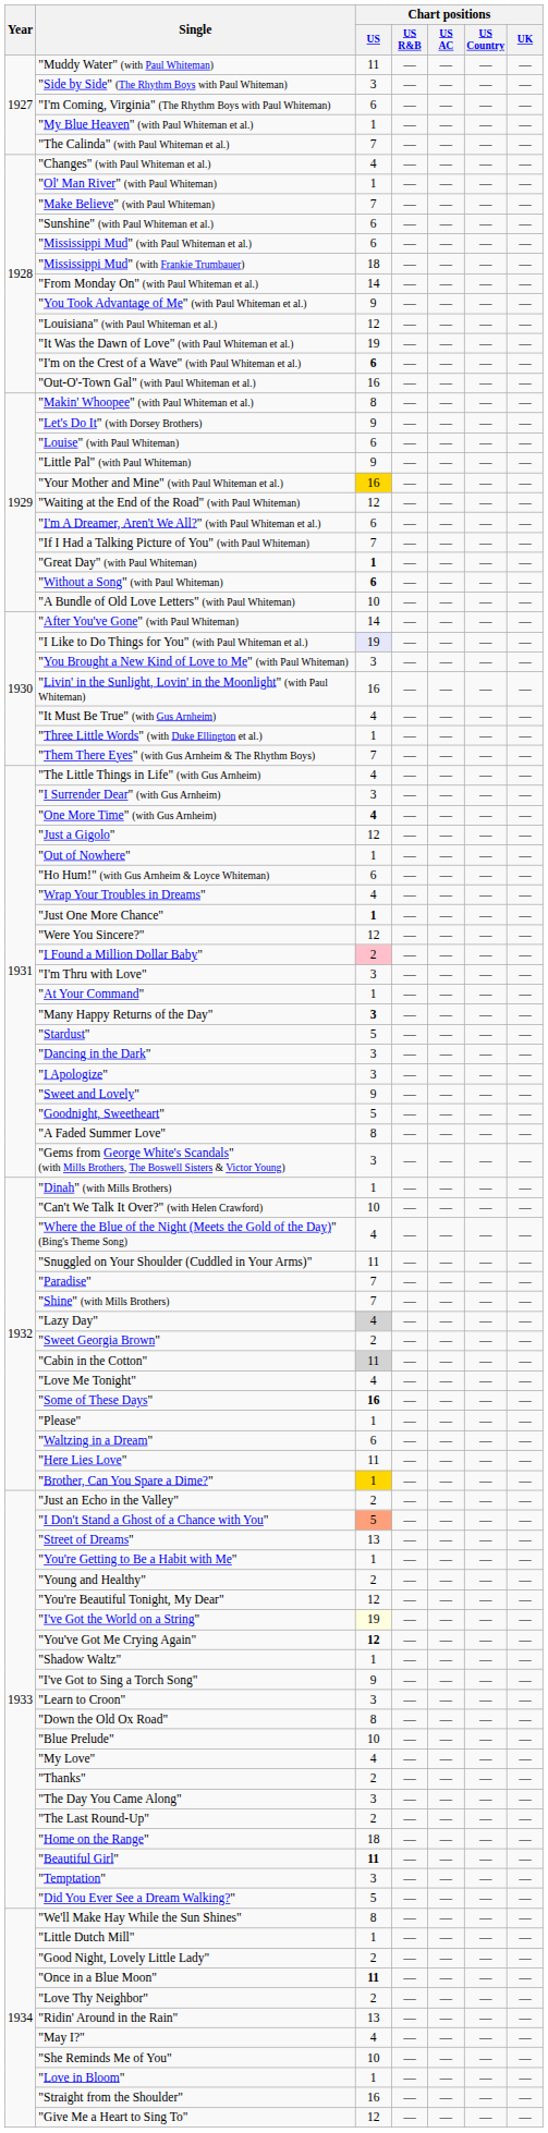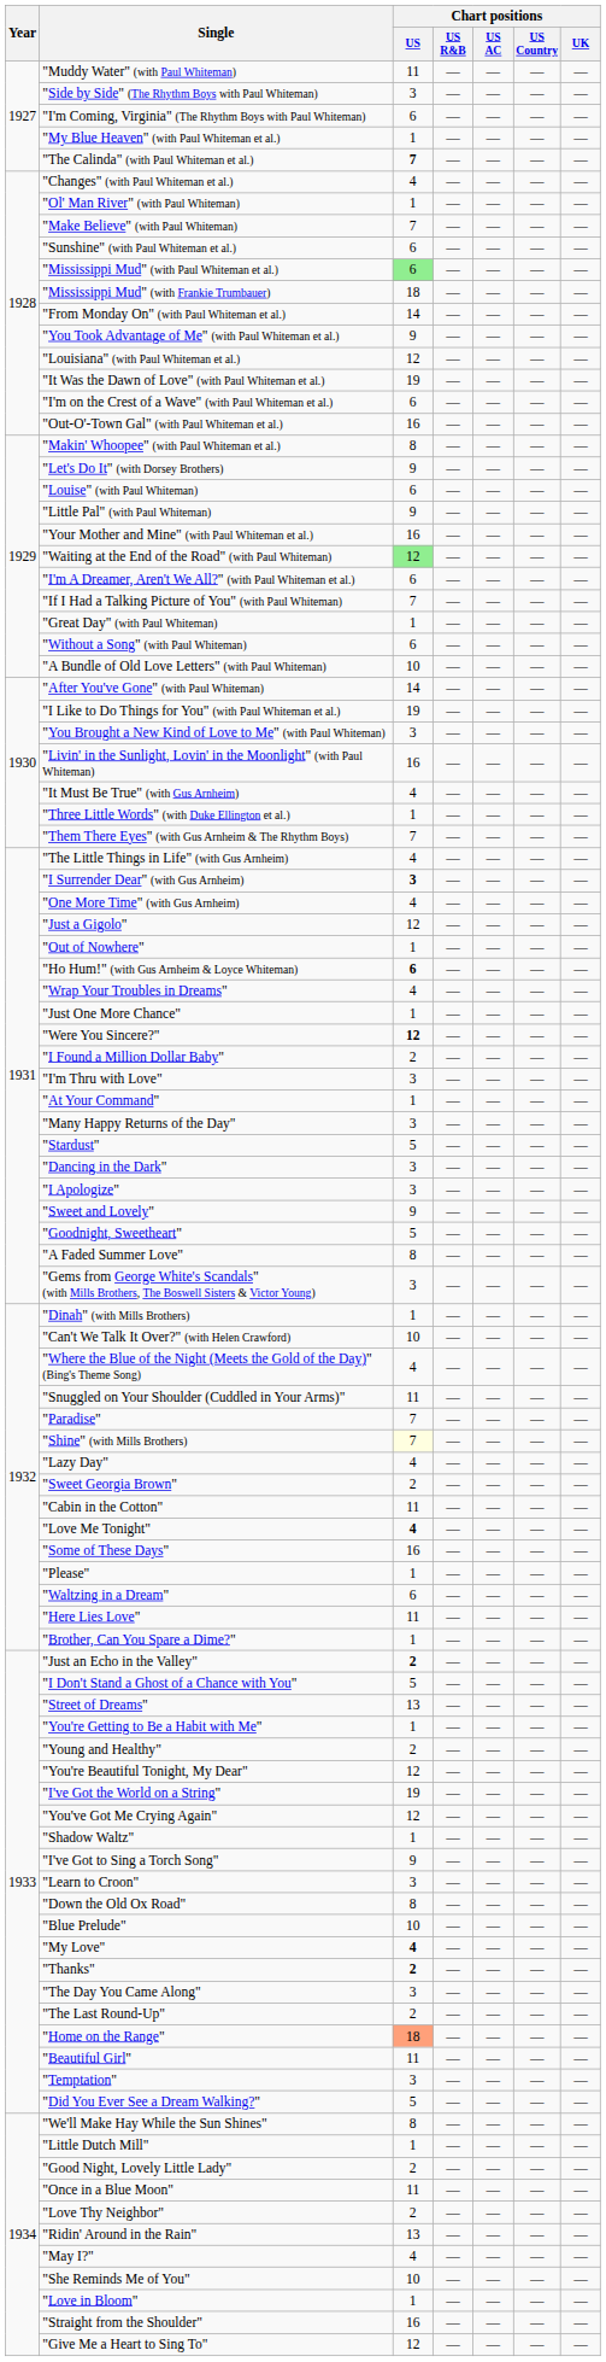 <table class="wikitable" style="text-align:center;">
 <tr>
 <th rowspan="2">Year</th>
 <th style="width:400px;" rowspan="2">Single</th>
 <th colspan="5">Chart positions</th>
 </tr>
 <tr style="font-size:smaller;">
 <th style="width:40px;"><a href='#'>US</a></th>
 <th style="width:40px;"><a href='#'>US<br>R&B</a></th>
 <th style="width:40px;"><a href='#'>US<br>AC</a></th>
 <th style="width:40px;"><a href='#'>US Country</a></th>
 <th style="width:40px;"><a href='#'>UK</a></th>
 </tr>
 <tr>
 <td rowspan="5">1927</td>
 <td style="text-align:left;">"Muddy Water" <small>(with <a href='#'>Paul Whiteman</a>)</small></td>
 <td>11</td>
 <td>—</td>
 <td>—</td>
 <td>—</td>
 <td>—</td>
 </tr>
 <tr>
 <td style="text-align:left;">"<a href='#'>Side by Side</a>" <small>(<a href='#'>The Rhythm Boys</a> with Paul Whiteman)</small></td>
 <td>3</td>
 <td>—</td>
 <td>—</td>
 <td>—</td>
 <td>—</td>
 </tr>
 <tr>
 <td style="text-align:left;">"I'm Coming, Virginia" <small>(The Rhythm Boys with Paul Whiteman)</small></td>
 <td>6</td>
 <td>—</td>
 <td>—</td>
 <td>—</td>
 <td>—</td>
 </tr>
 <tr>
 <td style="text-align:left;">"<a href='#'>My Blue Heaven</a>" <small>(with Paul Whiteman et al.)</small></td>
 <td>1</td>
 <td>—</td>
 <td>—</td>
 <td>—</td>
 <td>—</td>
 </tr>
 <tr>
 <td style="text-align:left;">"The Calinda" <small>(with Paul Whiteman et al.)</small></td>
-<td>7</td>
+<td><strong>7</strong></td>
 <td>—</td>
 <td>—</td>
 <td>—</td>
 <td>—</td>
 </tr>
 <tr>
 <td rowspan="12">1928</td>
 <td style="text-align:left;">"Changes" <small>(with Paul Whiteman et al.)</small></td>
 <td>4</td>
 <td>—</td>
 <td>—</td>
 <td>—</td>
 <td>—</td>
 </tr>
 <tr>
 <td style="text-align:left;">"<a href='#'>Ol' Man River</a>" <small>(with Paul Whiteman)</small></td>
 <td>1</td>
 <td>—</td>
 <td>—</td>
 <td>—</td>
 <td>—</td>
 </tr>
 <tr>
 <td style="text-align:left;">"<a href='#'>Make Believe</a>" <small>(with Paul Whiteman)</small></td>
 <td>7</td>
 <td>—</td>
 <td>—</td>
 <td>—</td>
 <td>—</td>
 </tr>
 <tr>
 <td style="text-align:left;">"Sunshine" <small>(with Paul Whiteman et al.)</small></td>
 <td>6</td>
 <td>—</td>
 <td>—</td>
 <td>—</td>
 <td>—</td>
 </tr>
 <tr>
 <td style="text-align:left;">"<a href='#'>Mississippi Mud</a>" <small>(with Paul Whiteman et al.)</small></td>
-<td>6</td>
+<td style="background: lightgreen;">6</td>
 <td>—</td>
 <td>—</td>
 <td>—</td>
 <td>—</td>
 </tr>
 <tr>
 <td style="text-align:left;">"<a href='#'>Mississippi Mud</a>" <small>(with <a href='#'>Frankie Trumbauer</a>)</small></td>
 <td>18</td>
 <td>—</td>
 <td>—</td>
 <td>—</td>
 <td>—</td>
 </tr>
 <tr>
 <td style="text-align:left;">"From Monday On" <small>(with Paul Whiteman et al.)</small></td>
 <td>14</td>
 <td>—</td>
 <td>—</td>
 <td>—</td>
 <td>—</td>
 </tr>
 <tr>
 <td style="text-align:left;">"<a href='#'>You Took Advantage of Me</a>" <small>(with Paul Whiteman et al.)</small></td>
 <td>9</td>
 <td>—</td>
 <td>—</td>
 <td>—</td>
 <td>—</td>
 </tr>
 <tr>
 <td style="text-align:left;">"Louisiana" <small>(with Paul Whiteman et al.)</small></td>
 <td>12</td>
 <td>—</td>
 <td>—</td>
 <td>—</td>
 <td>—</td>
 </tr>
 <tr>
 <td style="text-align:left;">"It Was the Dawn of Love" <small>(with Paul Whiteman et al.)</small></td>
 <td>19</td>
 <td>—</td>
 <td>—</td>
 <td>—</td>
 <td>—</td>
 </tr>
 <tr>
 <td style="text-align:left;">"I'm on the Crest of a Wave" <small>(with Paul Whiteman et al.)</small></td>
-<td><strong>6</strong></td>
+<td>6</td>
 <td>—</td>
 <td>—</td>
 <td>—</td>
 <td>—</td>
 </tr>
 <tr>
 <td style="text-align:left;">"Out-O'-Town Gal" <small>(with Paul Whiteman et al.)</small></td>
 <td>16</td>
 <td>—</td>
 <td>—</td>
 <td>—</td>
 <td>—</td>
 </tr>
 <tr>
 <td rowspan="11">1929</td>
 <td style="text-align:left;">"<a href='#'>Makin' Whoopee</a>" <small>(with Paul Whiteman et al.)</small></td>
 <td>8</td>
 <td>—</td>
 <td>—</td>
 <td>—</td>
 <td>—</td>
 </tr>
 <tr>
 <td style="text-align:left;">"<a href='#'>Let's Do It</a>" <small>(with Dorsey Brothers)</small></td>
 <td>9</td>
 <td>—</td>
 <td>—</td>
 <td>—</td>
 <td>—</td>
 </tr>
 <tr>
 <td style="text-align:left;">"<a href='#'>Louise</a>" <small>(with Paul Whiteman)</small></td>
 <td>6</td>
 <td>—</td>
 <td>—</td>
 <td>—</td>
 <td>—</td>
 </tr>
 <tr>
 <td style="text-align:left;">"Little Pal" <small>(with Paul Whiteman)</small></td>
 <td>9</td>
 <td>—</td>
 <td>—</td>
 <td>—</td>
 <td>—</td>
 </tr>
 <tr>
 <td style="text-align:left;">"Your Mother and Mine" <small>(with Paul Whiteman et al.)</small></td>
-<td style="background: gold;">16</td>
+<td>16</td>
 <td>—</td>
 <td>—</td>
 <td>—</td>
 <td>—</td>
 </tr>
 <tr>
 <td style="text-align:left;">"Waiting at the End of the Road" <small>(with Paul Whiteman)</small></td>
-<td>12</td>
+<td style="background: lightgreen;">12</td>
 <td>—</td>
 <td>—</td>
 <td>—</td>
 <td>—</td>
 </tr>
 <tr>
 <td style="text-align:left;">"<a href='#'>I'm A Dreamer, Aren't We All?</a>" <small>(with Paul Whiteman et al.)</small></td>
 <td>6</td>
 <td>—</td>
 <td>—</td>
 <td>—</td>
 <td>—</td>
 </tr>
 <tr>
 <td style="text-align:left;">"If I Had a Talking Picture of You" <small>(with Paul Whiteman)</small></td>
 <td>7</td>
 <td>—</td>
 <td>—</td>
 <td>—</td>
 <td>—</td>
 </tr>
 <tr>
 <td style="text-align:left;">"Great Day" <small>(with Paul Whiteman)</small></td>
-<td><strong>1</strong></td>
+<td>1</td>
 <td>—</td>
 <td>—</td>
 <td>—</td>
 <td>—</td>
 </tr>
 <tr>
 <td style="text-align:left;">"<a href='#'>Without a Song</a>" <small>(with Paul Whiteman)</small></td>
-<td><strong>6</strong></td>
+<td>6</td>
 <td>—</td>
 <td>—</td>
 <td>—</td>
 <td>—</td>
 </tr>
 <tr>
 <td style="text-align:left;">"A Bundle of Old Love Letters" <small>(with Paul Whiteman)</small></td>
 <td>10</td>
 <td>—</td>
 <td>—</td>
 <td>—</td>
 <td>—</td>
 </tr>
 <tr>
 <td rowspan="7">1930</td>
 <td style="text-align:left;">"<a href='#'>After You've Gone</a>" <small>(with Paul Whiteman)</small></td>
 <td>14</td>
 <td>—</td>
 <td>—</td>
 <td>—</td>
 <td>—</td>
 </tr>
 <tr>
 <td style="text-align:left;">"I Like to Do Things for You" <small>(with Paul Whiteman et al.)</small></td>
-<td style="background: lavender;">19</td>
+<td>19</td>
 <td>—</td>
 <td>—</td>
 <td>—</td>
 <td>—</td>
 </tr>
 <tr>
 <td style="text-align:left;">"<a href='#'>You Brought a New Kind of Love to Me</a>" <small>(with Paul Whiteman)</small></td>
 <td>3</td>
 <td>—</td>
 <td>—</td>
 <td>—</td>
 <td>—</td>
 </tr>
 <tr>
 <td style="text-align:left;">"<a href='#'>Livin' in the Sunlight, Lovin' in the Moonlight</a>" <small>(with Paul Whiteman)</small></td>
 <td>16</td>
 <td>—</td>
 <td>—</td>
 <td>—</td>
 <td>—</td>
 </tr>
 <tr>
 <td style="text-align:left;">"It Must Be True" <small>(with <a href='#'>Gus Arnheim</a>)</small></td>
 <td>4</td>
 <td>—</td>
 <td>—</td>
 <td>—</td>
 <td>—</td>
 </tr>
 <tr>
 <td style="text-align:left;">"<a href='#'>Three Little Words</a>" <small>(with <a href='#'>Duke Ellington</a> et al.)</small></td>
 <td>1</td>
 <td>—</td>
 <td>—</td>
 <td>—</td>
 <td>—</td>
 </tr>
 <tr>
 <td style="text-align:left;">"<a href='#'>Them There Eyes</a>" <small>(with Gus Arnheim & The Rhythm Boys)</small></td>
 <td>7</td>
 <td>—</td>
 <td>—</td>
 <td>—</td>
 <td>—</td>
 </tr>
 <tr>
 <td rowspan="20">1931</td>
 <td style="text-align:left;">"The Little Things in Life" <small>(with Gus Arnheim)</small></td>
 <td>4</td>
 <td>—</td>
 <td>—</td>
 <td>—</td>
 <td>—</td>
 </tr>
 <tr>
 <td style="text-align:left;">"<a href='#'>I Surrender Dear</a>" <small>(with Gus Arnheim)</small></td>
-<td>3</td>
+<td><strong>3</strong></td>
 <td>—</td>
 <td>—</td>
 <td>—</td>
 <td>—</td>
 </tr>
 <tr>
 <td style="text-align:left;">"<a href='#'>One More Time</a>" <small>(with Gus Arnheim)</small></td>
-<td><strong>4</strong></td>
+<td>4</td>
 <td>—</td>
 <td>—</td>
 <td>—</td>
 <td>—</td>
 </tr>
 <tr>
 <td style="text-align:left;">"<a href='#'>Just a Gigolo</a>"</td>
 <td>12</td>
 <td>—</td>
 <td>—</td>
 <td>—</td>
 <td>—</td>
 </tr>
 <tr>
 <td style="text-align:left;">"<a href='#'>Out of Nowhere</a>"</td>
 <td>1</td>
 <td>—</td>
 <td>—</td>
 <td>—</td>
 <td>—</td>
 </tr>
 <tr>
 <td style="text-align:left;">"Ho Hum!" <small>(with Gus Arnheim & Loyce Whiteman)</small></td>
-<td>6</td>
+<td><strong>6</strong></td>
 <td>—</td>
 <td>—</td>
 <td>—</td>
 <td>—</td>
 </tr>
 <tr>
 <td style="text-align:left;">"<a href='#'>Wrap Your Troubles in Dreams</a>"</td>
 <td>4</td>
 <td>—</td>
 <td>—</td>
 <td>—</td>
 <td>—</td>
 </tr>
 <tr>
 <td style="text-align:left;">"Just One More Chance"</td>
-<td><strong>1</strong></td>
+<td>1</td>
 <td>—</td>
 <td>—</td>
 <td>—</td>
 <td>—</td>
 </tr>
 <tr>
 <td style="text-align:left;">"Were You Sincere?"</td>
-<td>12</td>
+<td><strong>12</strong></td>
 <td>—</td>
 <td>—</td>
 <td>—</td>
 <td>—</td>
 </tr>
 <tr>
 <td style="text-align:left;">"<a href='#'>I Found a Million Dollar Baby</a>"</td>
-<td style="background: pink;">2</td>
+<td>2</td>
 <td>—</td>
 <td>—</td>
 <td>—</td>
 <td>—</td>
 </tr>
 <tr>
 <td style="text-align:left;">"I'm Thru with Love"</td>
 <td>3</td>
 <td>—</td>
 <td>—</td>
 <td>—</td>
 <td>—</td>
 </tr>
 <tr>
 <td style="text-align:left;">"<a href='#'>At Your Command</a>"</td>
 <td>1</td>
 <td>—</td>
 <td>—</td>
 <td>—</td>
 <td>—</td>
 </tr>
 <tr>
 <td style="text-align:left;">"Many Happy Returns of the Day"</td>
-<td><strong>3</strong></td>
+<td>3</td>
 <td>—</td>
 <td>—</td>
 <td>—</td>
 <td>—</td>
 </tr>
 <tr>
 <td style="text-align:left;">"<a href='#'>Stardust</a>"</td>
 <td>5</td>
 <td>—</td>
 <td>—</td>
 <td>—</td>
 <td>—</td>
 </tr>
 <tr>
 <td style="text-align:left;">"<a href='#'>Dancing in the Dark</a>"</td>
 <td>3</td>
 <td>—</td>
 <td>—</td>
 <td>—</td>
 <td>—</td>
 </tr>
 <tr>
 <td style="text-align:left;">"<a href='#'>I Apologize</a>"</td>
 <td>3</td>
 <td>—</td>
 <td>—</td>
 <td>—</td>
 <td>—</td>
 </tr>
 <tr>
 <td style="text-align:left;">"<a href='#'>Sweet and Lovely</a>"</td>
 <td>9</td>
 <td>—</td>
 <td>—</td>
 <td>—</td>
 <td>—</td>
 </tr>
 <tr>
 <td style="text-align:left;">"<a href='#'>Goodnight, Sweetheart</a>"</td>
 <td>5</td>
 <td>—</td>
 <td>—</td>
 <td>—</td>
 <td>—</td>
 </tr>
 <tr>
 <td style="text-align:left;">"A Faded Summer Love"</td>
 <td>8</td>
 <td>—</td>
 <td>—</td>
 <td>—</td>
 <td>—</td>
 </tr>
 <tr>
 <td style="text-align:left;">"Gems from <a href='#'>George White's Scandals</a>" <br><small>(with <a href='#'>Mills Brothers</a>, <a href='#'>The Boswell Sisters</a> & <a href='#'>Victor Young</a>)</small></td>
 <td>3</td>
 <td>—</td>
 <td>—</td>
 <td>—</td>
 <td>—</td>
 </tr>
 <tr>
 <td rowspan="15">1932</td>
 <td style="text-align:left;">"<a href='#'>Dinah</a>" <small>(with Mills Brothers)</small></td>
 <td>1</td>
 <td>—</td>
 <td>—</td>
 <td>—</td>
 <td>—</td>
 </tr>
 <tr>
 <td style="text-align:left;">"Can't We Talk It Over?" <small>(with Helen Crawford)</small></td>
 <td>10</td>
 <td>—</td>
 <td>—</td>
 <td>—</td>
 <td>—</td>
 </tr>
 <tr>
 <td style="text-align:left;">"<a href='#'>Where the Blue of the Night (Meets the Gold of the Day)</a>" <br><small>(Bing's Theme Song)</small></td>
 <td>4</td>
 <td>—</td>
 <td>—</td>
 <td>—</td>
 <td>—</td>
 </tr>
 <tr>
 <td style="text-align:left;">"Snuggled on Your Shoulder (Cuddled in Your Arms)"</td>
 <td>11</td>
 <td>—</td>
 <td>—</td>
 <td>—</td>
 <td>—</td>
 </tr>
 <tr>
 <td style="text-align:left;">"<a href='#'>Paradise</a>"</td>
 <td>7</td>
 <td>—</td>
 <td>—</td>
 <td>—</td>
 <td>—</td>
 </tr>
 <tr>
 <td style="text-align:left;">"<a href='#'>Shine</a>" <small>(with Mills Brothers)</small></td>
-<td>7</td>
+<td style="background: lightyellow;">7</td>
 <td>—</td>
 <td>—</td>
 <td>—</td>
 <td>—</td>
 </tr>
 <tr>
 <td style="text-align:left;">"Lazy Day"</td>
-<td style="background: lightgrey;">4</td>
+<td>4</td>
 <td>—</td>
 <td>—</td>
 <td>—</td>
 <td>—</td>
 </tr>
 <tr>
 <td style="text-align:left;">"<a href='#'>Sweet Georgia Brown</a>"</td>
 <td>2</td>
 <td>—</td>
 <td>—</td>
 <td>—</td>
 <td>—</td>
 </tr>
 <tr>
 <td style="text-align:left;">"Cabin in the Cotton"</td>
-<td style="background: lightgrey;">11</td>
+<td>11</td>
 <td>—</td>
 <td>—</td>
 <td>—</td>
 <td>—</td>
 </tr>
 <tr>
 <td style="text-align:left;">"Love Me Tonight"</td>
-<td>4</td>
+<td><strong>4</strong></td>
 <td>—</td>
 <td>—</td>
 <td>—</td>
 <td>—</td>
 </tr>
 <tr>
 <td style="text-align:left;">"<a href='#'>Some of These Days</a>"</td>
-<td><strong>16</strong></td>
+<td>16</td>
 <td>—</td>
 <td>—</td>
 <td>—</td>
 <td>—</td>
 </tr>
 <tr>
 <td style="text-align:left;">"Please"</td>
 <td>1</td>
 <td>—</td>
 <td>—</td>
 <td>—</td>
 <td>—</td>
 </tr>
 <tr>
 <td style="text-align:left;">"<a href='#'>Waltzing in a Dream</a>"</td>
 <td>6</td>
 <td>—</td>
 <td>—</td>
 <td>—</td>
 <td>—</td>
 </tr>
 <tr>
 <td style="text-align:left;">"<a href='#'>Here Lies Love</a>"</td>
 <td>11</td>
 <td>—</td>
 <td>—</td>
 <td>—</td>
 <td>—</td>
 </tr>
 <tr>
 <td style="text-align:left;">"<a href='#'>Brother, Can You Spare a Dime?</a>"</td>
-<td style="background: gold;">1</td>
+<td>1</td>
 <td>—</td>
 <td>—</td>
 <td>—</td>
 <td>—</td>
 </tr>
 <tr>
 <td rowspan="21">1933</td>
 <td style="text-align:left;">"Just an Echo in the Valley"</td>
-<td>2</td>
+<td><strong>2</strong></td>
 <td>—</td>
 <td>—</td>
 <td>—</td>
 <td>—</td>
 </tr>
 <tr>
 <td style="text-align:left;">"<a href='#'>I Don't Stand a Ghost of a Chance with You</a>"</td>
-<td style="background: lightsalmon;">5</td>
+<td>5</td>
 <td>—</td>
 <td>—</td>
 <td>—</td>
 <td>—</td>
 </tr>
 <tr>
 <td style="text-align:left;">"<a href='#'>Street of Dreams</a>"</td>
 <td>13</td>
 <td>—</td>
 <td>—</td>
 <td>—</td>
 <td>—</td>
 </tr>
 <tr>
 <td style="text-align:left;">"<a href='#'>You're Getting to Be a Habit with Me</a>"</td>
 <td>1</td>
 <td>—</td>
 <td>—</td>
 <td>—</td>
 <td>—</td>
 </tr>
 <tr>
 <td style="text-align:left;">"Young and Healthy"</td>
 <td>2</td>
 <td>—</td>
 <td>—</td>
 <td>—</td>
 <td>—</td>
 </tr>
 <tr>
 <td style="text-align:left;">"You're Beautiful Tonight, My Dear"</td>
 <td>12</td>
 <td>—</td>
 <td>—</td>
 <td>—</td>
 <td>—</td>
 </tr>
 <tr>
 <td style="text-align:left;">"<a href='#'>I've Got the World on a String</a>"</td>
-<td style="background: lightyellow;">19</td>
+<td>19</td>
 <td>—</td>
 <td>—</td>
 <td>—</td>
 <td>—</td>
 </tr>
 <tr>
 <td style="text-align:left;">"You've Got Me Crying Again"</td>
-<td><strong>12</strong></td>
+<td>12</td>
 <td>—</td>
 <td>—</td>
 <td>—</td>
 <td>—</td>
 </tr>
 <tr>
 <td style="text-align:left;">"Shadow Waltz"</td>
 <td>1</td>
 <td>—</td>
 <td>—</td>
 <td>—</td>
 <td>—</td>
 </tr>
 <tr>
 <td style="text-align:left;">"I've Got to Sing a Torch Song"</td>
 <td>9</td>
 <td>—</td>
 <td>—</td>
 <td>—</td>
 <td>—</td>
 </tr>
 <tr>
 <td style="text-align:left;">"Learn to Croon"</td>
 <td>3</td>
 <td>—</td>
 <td>—</td>
 <td>—</td>
 <td>—</td>
 </tr>
 <tr>
 <td style="text-align:left;">"Down the Old Ox Road"</td>
 <td>8</td>
 <td>—</td>
 <td>—</td>
 <td>—</td>
 <td>—</td>
 </tr>
 <tr>
 <td style="text-align:left;">"Blue Prelude"</td>
 <td>10</td>
 <td>—</td>
 <td>—</td>
 <td>—</td>
 <td>—</td>
 </tr>
 <tr>
 <td style="text-align:left;">"My Love"</td>
-<td>4</td>
+<td><strong>4</strong></td>
 <td>—</td>
 <td>—</td>
 <td>—</td>
 <td>—</td>
 </tr>
 <tr>
 <td style="text-align:left;">"Thanks"</td>
-<td>2</td>
+<td><strong>2</strong></td>
 <td>—</td>
 <td>—</td>
 <td>—</td>
 <td>—</td>
 </tr>
 <tr>
 <td style="text-align:left;">"The Day You Came Along"</td>
 <td>3</td>
 <td>—</td>
 <td>—</td>
 <td>—</td>
 <td>—</td>
 </tr>
 <tr>
 <td style="text-align:left;">"The Last Round-Up"</td>
 <td>2</td>
 <td>—</td>
 <td>—</td>
 <td>—</td>
 <td>—</td>
 </tr>
 <tr>
 <td style="text-align:left;">"<a href='#'>Home on the Range</a>"</td>
-<td>18</td>
+<td style="background: lightsalmon;">18</td>
 <td>—</td>
 <td>—</td>
 <td>—</td>
 <td>—</td>
 </tr>
 <tr>
 <td style="text-align:left;">"<a href='#'>Beautiful Girl</a>"</td>
-<td><strong>11</strong></td>
+<td>11</td>
 <td>—</td>
 <td>—</td>
 <td>—</td>
 <td>—</td>
 </tr>
 <tr>
 <td style="text-align:left;">"<a href='#'>Temptation</a>"</td>
 <td>3</td>
 <td>—</td>
 <td>—</td>
 <td>—</td>
 <td>—</td>
 </tr>
 <tr>
 <td style="text-align:left;">"<a href='#'>Did You Ever See a Dream Walking?</a>"</td>
 <td>5</td>
 <td>—</td>
 <td>—</td>
 <td>—</td>
 <td>—</td>
 </tr>
 <tr>
 <td rowspan="11">1934</td>
 <td style="text-align:left;">"We'll Make Hay While the Sun Shines"</td>
 <td>8</td>
 <td>—</td>
 <td>—</td>
 <td>—</td>
 <td>—</td>
 </tr>
 <tr>
 <td style="text-align:left;">"Little Dutch Mill"</td>
 <td>1</td>
 <td>—</td>
 <td>—</td>
 <td>—</td>
 <td>—</td>
 </tr>
 <tr>
 <td style="text-align:left;">"Good Night, Lovely Little Lady"</td>
 <td>2</td>
 <td>—</td>
 <td>—</td>
 <td>—</td>
 <td>—</td>
 </tr>
 <tr>
 <td style="text-align:left;">"Once in a Blue Moon"</td>
-<td><strong>11</strong></td>
+<td>11</td>
 <td>—</td>
 <td>—</td>
 <td>—</td>
 <td>—</td>
 </tr>
 <tr>
 <td style="text-align:left;">"Love Thy Neighbor"</td>
 <td>2</td>
 <td>—</td>
 <td>—</td>
 <td>—</td>
 <td>—</td>
 </tr>
 <tr>
 <td style="text-align:left;">"Ridin' Around in the Rain"</td>
 <td>13</td>
 <td>—</td>
 <td>—</td>
 <td>—</td>
 <td>—</td>
 </tr>
 <tr>
 <td style="text-align:left;">"May I?"</td>
 <td>4</td>
 <td>—</td>
 <td>—</td>
 <td>—</td>
 <td>—</td>
 </tr>
 <tr>
 <td style="text-align:left;">"She Reminds Me of You"</td>
 <td>10</td>
 <td>—</td>
 <td>—</td>
 <td>—</td>
 <td>—</td>
 </tr>
 <tr>
 <td style="text-align:left;">"<a href='#'>Love in Bloom</a>"</td>
 <td>1</td>
 <td>—</td>
 <td>—</td>
 <td>—</td>
 <td>—</td>
 </tr>
 <tr>
 <td style="text-align:left;">"Straight from the Shoulder"</td>
 <td>16</td>
 <td>—</td>
 <td>—</td>
 <td>—</td>
 <td>—</td>
 </tr>
 <tr>
 <td style="text-align:left;">"Give Me a Heart to Sing To"</td>
 <td>12</td>
 <td>—</td>
 <td>—</td>
 <td>—</td>
 <td>—</td>
 </tr>
 </table>
